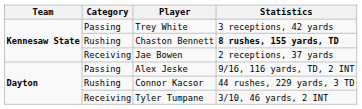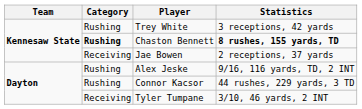 <table class="wikitable" style="float: left;">
 <tr>
 <th>Team</th>
 <th>Category</th>
 <th>Player</th>
 <th>Statistics</th>
 </tr>
 <tr>
 <td rowspan=3><strong>Kennesaw State</strong></td>
-<td>Passing</td>
+<td>Rushing</td>
 <td>Trey White</td>
 <td>3 receptions, 42 yards</td>
 </tr>
 <tr>
-<td>Rushing</td>
+<td><strong>Rushing</strong></td>
 <td>Chaston Bennett</td>
 <td><strong>8 rushes, 155 yards, TD</strong></td>
 </tr>
 <tr>
 <td>Receiving</td>
 <td>Jae Bowen</td>
 <td>2 receptions, 37 yards</td>
 </tr>
 <tr>
 <td rowspan=3><strong>Dayton</strong></td>
-<td>Passing</td>
+<td>Rushing</td>
 <td>Alex Jeske</td>
 <td>9/16, 116 yards, TD, 2 INT</td>
 </tr>
 <tr>
 <td>Rushing</td>
 <td>Connor Kacsor</td>
 <td>44 rushes, 229 yards, 3 TD</td>
 </tr>
 <tr>
 <td>Receiving</td>
 <td>Tyler Tumpane</td>
 <td>3/10, 46 yards, 2 INT</td>
 </tr>
 </table>
